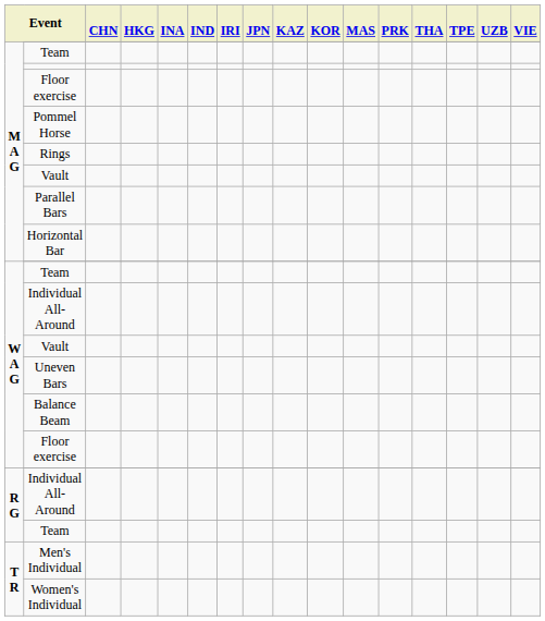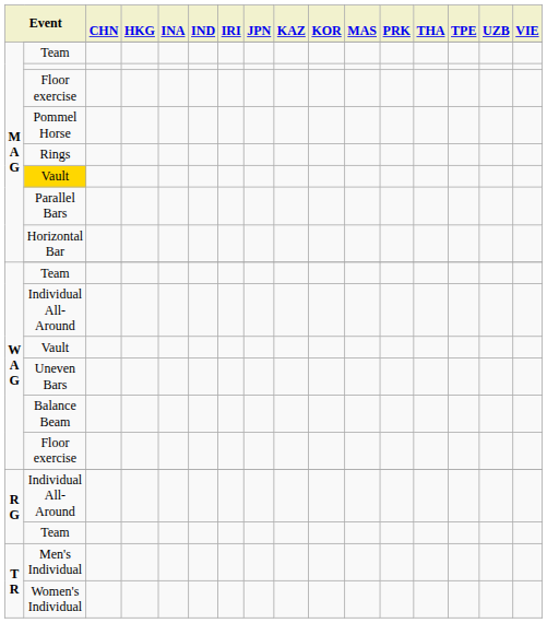 <table class="wikitable" style="margin-top:0em; text-align:center; font-size:95%;">
 <tr>
 <th style="background-color:#f2f2ce; width:15.0em;" colspan=2>Event</th>
 <th style="background-color:#f2f2ce; width:4.5em;"><br><a href='#'>CHN</a></th>
 <th style="background-color:#f2f2ce; width:4.5em;"><br><a href='#'>HKG</a></th>
 <th style="background-color:#f2f2ce; width:4.5em;"><br><a href='#'>INA</a></th>
 <th style="background-color:#f2f2ce; width:4.5em;"><br><a href='#'>IND</a></th>
 <th style="background-color:#f2f2ce; width:4.5em;"><br><a href='#'>IRI</a></th>
 <th style="background-color:#f2f2ce; width:4.5em;"><br><a href='#'>JPN</a></th>
 <th style="background-color:#f2f2ce; width:4.5em;"><br><a href='#'>KAZ</a></th>
 <th style="background-color:#f2f2ce; width:4.5em;"><br><a href='#'>KOR</a></th>
 <th style="background-color:#f2f2ce; width:4.5em;"><br><a href='#'>MAS</a></th>
 <th style="background-color:#f2f2ce; width:4.5em;"><br><a href='#'>PRK</a></th>
 <th style="background-color:#f2f2ce; width:4.5em;"><br><a href='#'>THA</a></th>
 <th style="background-color:#f2f2ce; width:4.5em;"><br><a href='#'>TPE</a></th>
 <th style="background-color:#f2f2ce; width:4.5em;"><br><a href='#'>UZB</a></th>
 <th style="background-color:#f2f2ce; width:4.5em;"><br><a href='#'>VIE</a></th>
 </tr>
 <tr>
 <td rowspan=9 border=0 cellpadding="0" cellspacing="0"><strong>M<br>A<br>G</strong></td>
 </tr>
 <tr>
 <td>Team</td>
 <td></td>
 <td></td>
 <td></td>
 <td></td>
 <td></td>
 <td></td>
 <td></td>
 <td></td>
 <td></td>
 <td></td>
 <td></td>
 <td></td>
 <td></td>
 <td></td>
 </tr>
 <tr>
 <td></td>
 <td></td>
 <td></td>
 <td></td>
 <td></td>
 <td></td>
 <td></td>
 <td></td>
 <td></td>
 <td></td>
 <td></td>
 <td></td>
 <td></td>
 <td></td>
 <td></td>
 </tr>
 <tr>
 <td>Floor exercise</td>
 <td></td>
 <td></td>
 <td></td>
 <td></td>
 <td></td>
 <td></td>
 <td></td>
 <td></td>
 <td></td>
 <td></td>
 <td></td>
 <td></td>
 <td></td>
 <td></td>
 </tr>
 <tr>
 <td>Pommel Horse</td>
 <td></td>
 <td></td>
 <td></td>
 <td></td>
 <td></td>
 <td></td>
 <td></td>
 <td></td>
 <td></td>
 <td></td>
 <td></td>
 <td></td>
 <td></td>
 <td></td>
 </tr>
 <tr>
 <td>Rings</td>
 <td></td>
 <td></td>
 <td></td>
 <td></td>
 <td></td>
 <td></td>
 <td></td>
 <td></td>
 <td></td>
 <td></td>
 <td></td>
 <td></td>
 <td></td>
 <td></td>
 </tr>
 <tr>
-<td>Vault</td>
+<td style="background: gold;">Vault</td>
 <td></td>
 <td></td>
 <td></td>
 <td></td>
 <td></td>
 <td></td>
 <td></td>
 <td></td>
 <td></td>
 <td></td>
 <td></td>
 <td></td>
 <td></td>
 <td></td>
 </tr>
 <tr>
 <td>Parallel Bars</td>
 <td></td>
 <td></td>
 <td></td>
 <td></td>
 <td></td>
 <td></td>
 <td></td>
 <td></td>
 <td></td>
 <td></td>
 <td></td>
 <td></td>
 <td></td>
 <td></td>
 </tr>
 <tr>
 <td>Horizontal Bar</td>
 <td></td>
 <td></td>
 <td></td>
 <td></td>
 <td></td>
 <td></td>
 <td></td>
 <td></td>
 <td></td>
 <td></td>
 <td></td>
 <td></td>
 <td></td>
 <td></td>
 </tr>
 <tr>
 <td rowspan=7 border=0 cellpadding="0" cellspacing="0"><strong>W<br>A<br>G</strong></td>
 </tr>
 <tr>
 <td>Team</td>
 <td></td>
 <td></td>
 <td></td>
 <td></td>
 <td></td>
 <td></td>
 <td></td>
 <td></td>
 <td></td>
 <td></td>
 <td></td>
 <td></td>
 <td></td>
 <td></td>
 </tr>
 <tr>
 <td>Individual All-Around</td>
 <td></td>
 <td></td>
 <td></td>
 <td></td>
 <td></td>
 <td></td>
 <td></td>
 <td></td>
 <td></td>
 <td></td>
 <td></td>
 <td></td>
 <td></td>
 <td></td>
 </tr>
 <tr>
 <td>Vault</td>
 <td></td>
 <td></td>
 <td></td>
 <td></td>
 <td></td>
 <td></td>
 <td></td>
 <td></td>
 <td></td>
 <td></td>
 <td></td>
 <td></td>
 <td></td>
 <td></td>
 </tr>
 <tr>
 <td>Uneven Bars</td>
 <td></td>
 <td></td>
 <td></td>
 <td></td>
 <td></td>
 <td></td>
 <td></td>
 <td></td>
 <td></td>
 <td></td>
 <td></td>
 <td></td>
 <td></td>
 <td></td>
 </tr>
 <tr>
 <td>Balance Beam</td>
 <td></td>
 <td></td>
 <td></td>
 <td></td>
 <td></td>
 <td></td>
 <td></td>
 <td></td>
 <td></td>
 <td></td>
 <td></td>
 <td></td>
 <td></td>
 <td></td>
 </tr>
 <tr>
 <td>Floor exercise</td>
 <td></td>
 <td></td>
 <td></td>
 <td></td>
 <td></td>
 <td></td>
 <td></td>
 <td></td>
 <td></td>
 <td></td>
 <td></td>
 <td></td>
 <td></td>
 <td></td>
 </tr>
 <tr>
 <td rowspan=3 border=0 cellpadding="0" cellspacing="0"><strong>R<br>G</strong></td>
 </tr>
 <tr>
 <td>Individual All-Around</td>
 <td></td>
 <td></td>
 <td></td>
 <td></td>
 <td></td>
 <td></td>
 <td></td>
 <td></td>
 <td></td>
 <td></td>
 <td></td>
 <td></td>
 <td></td>
 <td></td>
 </tr>
 <tr>
 <td>Team</td>
 <td></td>
 <td></td>
 <td></td>
 <td></td>
 <td></td>
 <td></td>
 <td></td>
 <td></td>
 <td></td>
 <td></td>
 <td></td>
 <td></td>
 <td></td>
 <td></td>
 </tr>
 <tr>
 <td rowspan=2 border=0 cellpadding="0" cellspacing="0"><strong>T<br>R</strong></td>
 <td>Men's Individual</td>
 <td></td>
 <td></td>
 <td></td>
 <td></td>
 <td></td>
 <td></td>
 <td></td>
 <td></td>
 <td></td>
 <td></td>
 <td></td>
 <td></td>
 <td></td>
 <td></td>
 </tr>
 <tr>
 <td>Women's Individual</td>
 <td></td>
 <td></td>
 <td></td>
 <td></td>
 <td></td>
 <td></td>
 <td></td>
 <td></td>
 <td></td>
 <td></td>
 <td></td>
 <td></td>
 <td></td>
 <td></td>
 </tr>
 </table>
